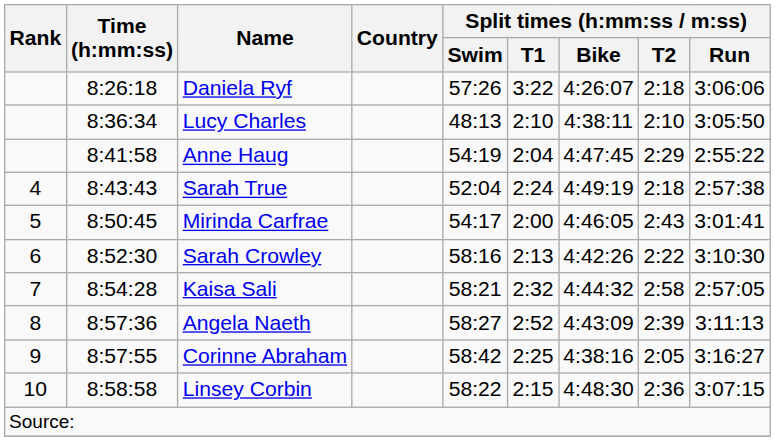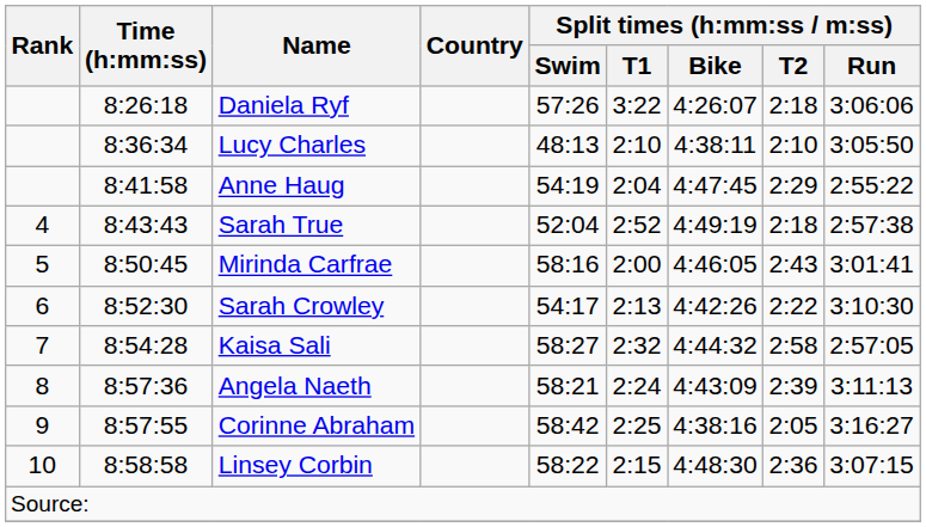 <table class="wikitable sortable" style="text-align:center">
 <tr>
 <th data-sort-type="number" rowspan=2>Rank</th>
 <th rowspan=2>Time<br>(h:mm:ss)</th>
 <th rowspan=2>Name</th>
 <th rowspan=2>Country</th>
 <th colspan=5>Split times (h:mm:ss / m:ss)</th>
 </tr>
 <tr>
 <th>Swim</th>
 <th>T1</th>
 <th>Bike</th>
 <th>T2</th>
 <th>Run</th>
 </tr>
 <tr>
 <td></td>
 <td>8:26:18</td>
 <td align="left"><a href='#'>Daniela Ryf</a></td>
 <td align="left"></td>
 <td>57:26</td>
 <td>3:22</td>
 <td>4:26:07</td>
 <td>2:18</td>
 <td>3:06:06</td>
 </tr>
 <tr>
 <td></td>
 <td>8:36:34</td>
 <td align="left"><a href='#'>Lucy Charles</a></td>
 <td align="left"></td>
 <td>48:13</td>
 <td>2:10</td>
 <td>4:38:11</td>
 <td>2:10</td>
 <td>3:05:50</td>
 </tr>
 <tr>
 <td></td>
 <td>8:41:58</td>
 <td align="left"><a href='#'>Anne Haug</a></td>
 <td align="left"></td>
 <td>54:19</td>
 <td>2:04</td>
 <td>4:47:45</td>
 <td>2:29</td>
 <td>2:55:22</td>
 </tr>
 <tr>
 <td>4</td>
 <td>8:43:43</td>
 <td align="left"><a href='#'>Sarah True</a></td>
 <td align="left"></td>
 <td>52:04</td>
-<td>2:24</td>
+<td>2:52</td>
 <td>4:49:19</td>
 <td>2:18</td>
 <td>2:57:38</td>
 </tr>
 <tr>
 <td>5</td>
 <td>8:50:45</td>
 <td align="left"><a href='#'>Mirinda Carfrae</a></td>
 <td align="left"></td>
-<td>54:17</td>
+<td>58:16</td>
 <td>2:00</td>
 <td>4:46:05</td>
 <td>2:43</td>
 <td>3:01:41</td>
 </tr>
 <tr>
 <td>6</td>
 <td>8:52:30</td>
 <td align="left"><a href='#'>Sarah Crowley</a></td>
 <td align="left"></td>
-<td>58:16</td>
+<td>54:17</td>
 <td>2:13</td>
 <td>4:42:26</td>
 <td>2:22</td>
 <td>3:10:30</td>
 </tr>
 <tr>
 <td>7</td>
 <td>8:54:28</td>
 <td align="left"><a href='#'>Kaisa Sali</a></td>
 <td align="left"></td>
-<td>58:21</td>
+<td>58:27</td>
 <td>2:32</td>
 <td>4:44:32</td>
 <td>2:58</td>
 <td>2:57:05</td>
 </tr>
 <tr>
 <td>8</td>
 <td>8:57:36</td>
 <td align="left"><a href='#'>Angela Naeth</a></td>
 <td align="left"></td>
-<td>58:27</td>
-<td>2:52</td>
+<td>58:21</td>
+<td>2:24</td>
 <td>4:43:09</td>
 <td>2:39</td>
 <td>3:11:13</td>
 </tr>
 <tr>
 <td>9</td>
 <td>8:57:55</td>
 <td align="left"><a href='#'>Corinne Abraham</a></td>
 <td align="left"></td>
 <td>58:42</td>
 <td>2:25</td>
 <td>4:38:16</td>
 <td>2:05</td>
 <td>3:16:27</td>
 </tr>
 <tr>
 <td>10</td>
 <td>8:58:58</td>
 <td align="left"><a href='#'>Linsey Corbin</a></td>
 <td align="left"></td>
 <td>58:22</td>
 <td>2:15</td>
 <td>4:48:30</td>
 <td>2:36</td>
 <td>3:07:15</td>
 </tr>
 <tr class="sortbottom">
 <td colspan="9" align="left" style="font-size:90%">Source: </td>
 </tr>
 <tr>
 </tr>
 </table>
